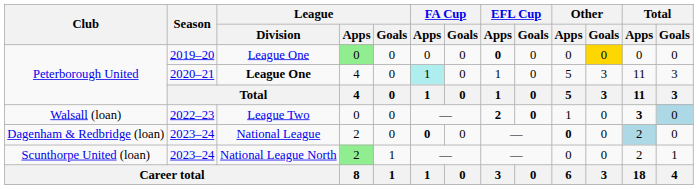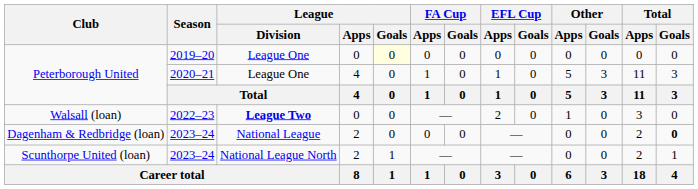 <table class="wikitable" style="text-align:center">
 <tr>
 <th rowspan="2">Club</th>
 <th rowspan="2">Season</th>
 <th colspan="3">League</th>
 <th colspan="2"><a href='#'>FA Cup</a></th>
 <th colspan="2"><a href='#'>EFL Cup</a></th>
 <th colspan="2">Other</th>
 <th colspan="2">Total</th>
 </tr>
 <tr>
 <th>Division</th>
 <th>Apps</th>
 <th>Goals</th>
 <th>Apps</th>
 <th>Goals</th>
 <th>Apps</th>
 <th>Goals</th>
 <th>Apps</th>
 <th>Goals</th>
 <th>Apps</th>
 <th>Goals</th>
 </tr>
 <tr>
 <td rowspan="3"><a href='#'>Peterborough United</a></td>
 <td><a href='#'>2019–20</a></td>
 <td><a href='#'>League One</a></td>
-<td style="background: lightgreen;">0</td>
+<td>0</td>
+<td style="background: lightyellow;">0</td>
 <td>0</td>
 <td>0</td>
 <td>0</td>
-<td><strong>0</strong></td>
 <td>0</td>
 <td>0</td>
-<td style="background: gold;">0</td>
+<td>0</td>
 <td>0</td>
 <td>0</td>
 </tr>
 <tr>
 <td><a href='#'>2020–21</a></td>
-<td><strong>League One</strong></td>
+<td>League One</td>
 <td>4</td>
 <td>0</td>
-<td style="background: paleturquoise;">1</td>
+<td>1</td>
 <td>0</td>
 <td>1</td>
 <td>0</td>
 <td>5</td>
 <td>3</td>
 <td>11</td>
 <td>3</td>
 </tr>
 <tr>
 <th colspan="2">Total</th>
 <th>4</th>
 <th>0</th>
 <th>1</th>
 <th>0</th>
 <th>1</th>
 <th>0</th>
 <th>5</th>
 <th>3</th>
 <th>11</th>
 <th>3</th>
 </tr>
 <tr>
 <td><a href='#'>Walsall</a> (loan)</td>
 <td><a href='#'>2022–23</a></td>
-<td><a href='#'>League Two</a></td>
+<td><strong><a href='#'>League Two</a></strong></td>
 <td>0</td>
 <td>0</td>
 <td colspan=2>—</td>
-<td><strong>2</strong></td>
-<td><strong>0</strong></td>
+<td>2</td>
+<td>0</td>
 <td>1</td>
 <td>0</td>
-<td><strong>3</strong></td>
-<td style="background: lightblue;">0</td>
+<td>3</td>
+<td>0</td>
 </tr>
 <tr>
 <td><a href='#'>Dagenham & Redbridge</a> (loan)</td>
 <td><a href='#'>2023–24</a></td>
 <td><a href='#'>National League</a></td>
 <td>2</td>
 <td>0</td>
-<td><strong>0</strong></td>
+<td>0</td>
 <td>0</td>
 <td colspan=2>—</td>
+<td>0</td>
+<td>0</td>
+<td>2</td>
 <td><strong>0</strong></td>
-<td>0</td>
-<td style="background: lightblue;">2</td>
-<td>0</td>
 </tr>
 <tr>
 <td><a href='#'>Scunthorpe United</a> (loan)</td>
 <td><a href='#'>2023–24</a></td>
 <td><a href='#'>National League North</a></td>
-<td style="background: lightgreen;">2</td>
+<td>2</td>
 <td>1</td>
 <td colspan="2">—</td>
 <td colspan="2">—</td>
 <td>0</td>
 <td>0</td>
 <td>2</td>
 <td>1</td>
 </tr>
 <tr>
 <th colspan="3">Career total</th>
 <th>8</th>
 <th>1</th>
 <th>1</th>
 <th>0</th>
 <th>3</th>
 <th>0</th>
 <th>6</th>
 <th>3</th>
 <th>18</th>
 <th>4</th>
 </tr>
 </table>
